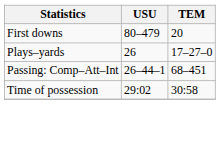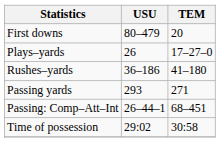 <table class="wikitable" style="float: left;">
 <tr>
 <th>Statistics</th>
 <th>USU</th>
 <th>TEM</th>
 </tr>
 <tr>
 <td>First downs</td>
 <td>80–479</td>
 <td>20</td>
 </tr>
 <tr>
 <td>Plays–yards</td>
 <td>26</td>
 <td>17–27–0</td>
 </tr>
 <tr>
+<td>Rushes–yards</td>
+<td>36–186</td>
+<td>41–180</td>
+</tr>
+<tr>
+<td>Passing yards</td>
+<td>293</td>
+<td>271</td>
+</tr>
+<tr>
 <td>Passing: Comp–Att–Int</td>
 <td>26–44–1</td>
 <td>68–451</td>
 </tr>
 <tr>
 <td>Time of possession</td>
 <td>29:02</td>
 <td>30:58</td>
 </tr>
 <tr>
 </tr>
 </table>
